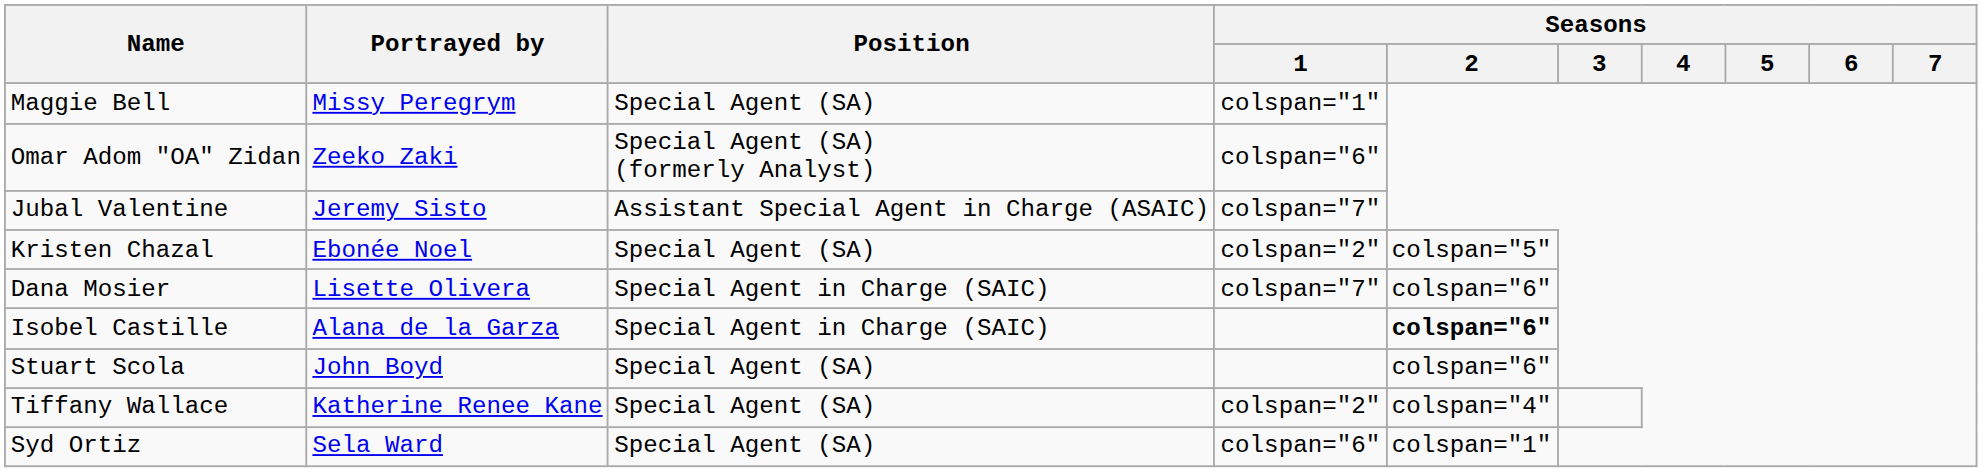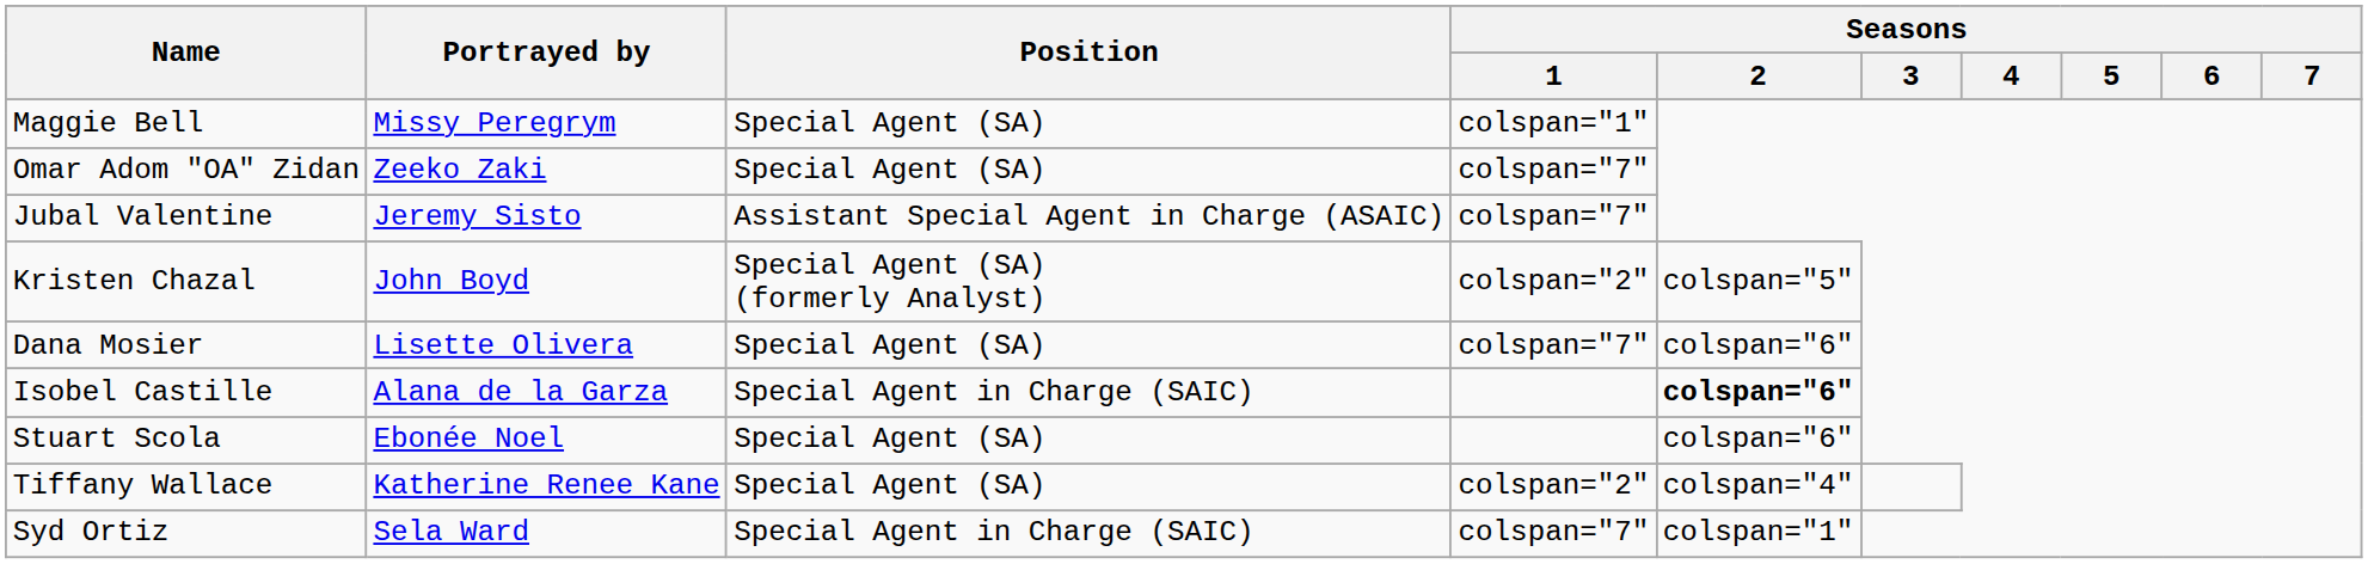 <table class="wikitable plainrowheaders">
 <tr>
 <th scope="col" rowspan="2">Name</th>
 <th scope="col" rowspan="2">Portrayed by</th>
 <th scope="col" rowspan="2">Position</th>
 <th scope="col" colspan="7">Seasons</th>
 </tr>
 <tr>
 <th scope="col" style="width:3em;">1</th>
 <th scope="col" style="width:3em;">2</th>
 <th scope="col" style="width:3em;">3</th>
 <th scope="col" style="width:3em;">4</th>
 <th scope="col" style="width:3em;">5</th>
 <th scope="col" style="width:3em;">6</th>
 <th scope="col" style="width:3em;">7</th>
 </tr>
 <tr>
 <td scope="row">Maggie Bell</td>
 <td><a href='#'>Missy Peregrym</a></td>
 <td>Special Agent (SA)</td>
 <td>colspan="1" </td>
 </tr>
 <tr>
 <td scope="row">Omar Adom "OA" Zidan</td>
 <td><a href='#'>Zeeko Zaki</a></td>
-<td>Special Agent (SA)<br>(formerly Analyst)</td>
-<td>colspan="6"  </td>
+<td>Special Agent (SA)</td>
+<td>colspan="7" </td>
 </tr>
 <tr>
 <td scope="row">Jubal Valentine</td>
 <td><a href='#'>Jeremy Sisto</a></td>
 <td>Assistant Special Agent in Charge (ASAIC)</td>
 <td>colspan="7" </td>
 </tr>
 <tr>
 <td scope="row">Kristen Chazal</td>
-<td><a href='#'>Ebonée Noel</a></td>
-<td>Special Agent (SA)</td>
+<td><a href='#'>John Boyd</a></td>
+<td>Special Agent (SA)<br>(formerly Analyst)</td>
 <td>colspan="2" </td>
 <td>colspan="5" </td>
 </tr>
 <tr>
 <td scope="row">Dana Mosier</td>
 <td><a href='#'>Lisette Olivera</a></td>
-<td>Special Agent in Charge (SAIC)</td>
+<td>Special Agent (SA)</td>
 <td>colspan="7" </td>
 <td>colspan="6" </td>
 </tr>
 <tr>
 <td scope="row">Isobel Castille</td>
 <td><a href='#'>Alana de la Garza</a></td>
 <td>Special Agent in Charge (SAIC)</td>
 <td></td>
 <td><strong>colspan="6"  </strong></td>
 </tr>
 <tr>
 <td scope="row">Stuart Scola</td>
-<td><a href='#'>John Boyd</a></td>
+<td><a href='#'>Ebonée Noel</a></td>
 <td>Special Agent (SA)</td>
 <td></td>
 <td>colspan="6" </td>
 </tr>
 <tr>
 <td scope="row">Tiffany Wallace</td>
 <td><a href='#'>Katherine Renee Kane</a></td>
 <td>Special Agent (SA)</td>
 <td>colspan="2"  </td>
 <td>colspan="4" </td>
 <td></td>
 </tr>
 <tr>
 <td scope="row">Syd Ortiz</td>
 <td><a href='#'>Sela Ward</a></td>
-<td>Special Agent (SA)</td>
-<td>colspan="6"  </td>
+<td>Special Agent in Charge (SAIC)</td>
+<td>colspan="7" </td>
 <td>colspan="1" </td>
 </tr>
 </table>
